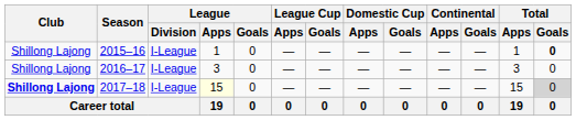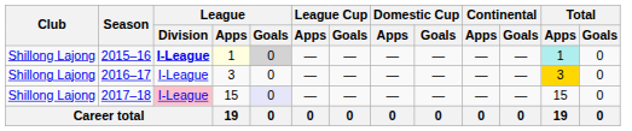 <table class="wikitable" style="text-align: center;">
 <tr>
 <th rowspan="2">Club</th>
 <th rowspan="2">Season</th>
 <th colspan="3">League</th>
 <th colspan="2">League Cup</th>
 <th colspan="2">Domestic Cup</th>
 <th colspan="2">Continental</th>
 <th colspan="2">Total</th>
 </tr>
 <tr>
 <th>Division</th>
 <th>Apps</th>
 <th>Goals</th>
 <th>Apps</th>
 <th>Goals</th>
 <th>Apps</th>
 <th>Goals</th>
 <th>Apps</th>
 <th>Goals</th>
 <th>Apps</th>
 <th>Goals</th>
 </tr>
 <tr>
 <td rowspan="1"><a href='#'>Shillong Lajong</a></td>
 <td><a href='#'>2015–16</a></td>
-<td><a href='#'>I-League</a></td>
-<td>1</td>
-<td>0</td>
+<td><strong><a href='#'>I-League</a></strong></td>
+<td style="background: lightyellow;">1</td>
+<td style="background: lightgrey;">0</td>
 <td>—</td>
 <td>—</td>
 <td>—</td>
 <td>—</td>
 <td>—</td>
 <td>—</td>
-<td>1</td>
-<td><strong>0</strong></td>
+<td style="background: paleturquoise;">1</td>
+<td>0</td>
 </tr>
 <tr>
 <td rowspan="1"><a href='#'>Shillong Lajong</a></td>
 <td><a href='#'>2016–17</a></td>
 <td><a href='#'>I-League</a></td>
 <td>3</td>
 <td>0</td>
 <td>—</td>
 <td>—</td>
 <td>—</td>
 <td>—</td>
 <td>—</td>
 <td>—</td>
-<td>3</td>
+<td style="background: gold;">3</td>
 <td>0</td>
 </tr>
 <tr>
-<td rowspan="1"><strong><a href='#'>Shillong Lajong</a></strong></td>
+<td rowspan="1"><a href='#'>Shillong Lajong</a></td>
 <td><a href='#'>2017–18</a></td>
-<td><a href='#'>I-League</a></td>
-<td style="background: lightyellow;">15</td>
-<td>0</td>
+<td style="background: pink;"><a href='#'>I-League</a></td>
+<td>15</td>
+<td style="background: lavender;">0</td>
 <td>—</td>
 <td>—</td>
 <td>—</td>
 <td>—</td>
 <td>—</td>
 <td>—</td>
 <td>15</td>
-<td style="background: lightgrey;">0</td>
+<td>0</td>
 </tr>
 <tr>
 <th colspan="3">Career total</th>
 <th>19</th>
 <th>0</th>
 <th>0</th>
 <th>0</th>
 <th>0</th>
 <th>0</th>
 <th>0</th>
 <th>0</th>
 <th>19</th>
 <th>0</th>
 </tr>
 </table>
